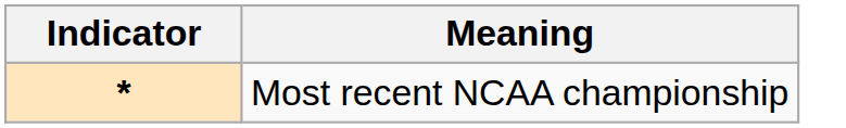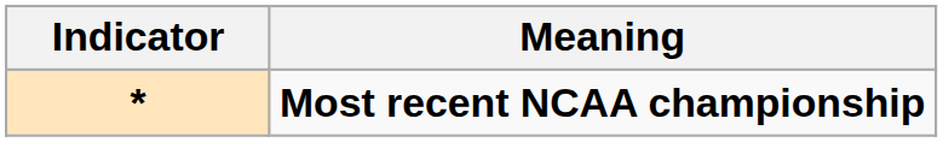 <table class="wikitable">
 <tr>
 <th scope="col">Indicator</th>
 <th scope="col">Meaning</th>
 </tr>
 <tr>
 <th scope="row" style="background:#FFE6BD; width:6em;">*</th>
-<td>Most recent NCAA championship</td>
+<td><strong>Most recent NCAA championship</strong></td>
 </tr>
 </table>
